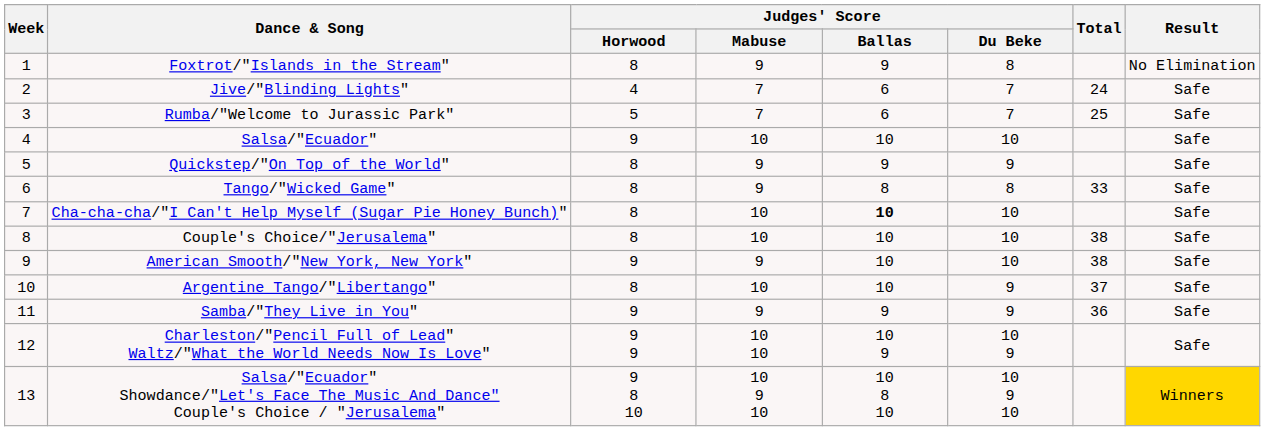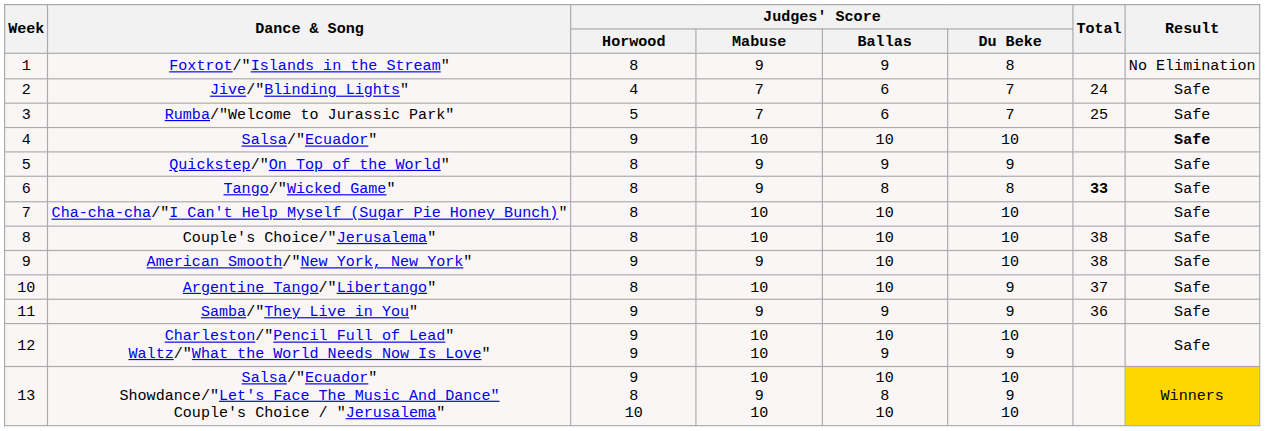 <table class="wikitable collapsible">
 <tr style="text-align:center; background:#ccc;">
 <th rowspan=2>Week</th>
 <th rowspan=2>Dance & Song</th>
 <th colspan=4>Judges' Score</th>
 <th rowspan=2>Total</th>
 <th rowspan=2>Result</th>
 </tr>
 <tr>
 <th style="width:10%;">Horwood</th>
 <th style="width:10%;">Mabuse</th>
 <th style="width:10%;">Ballas</th>
 <th style="width:10%;">Du Beke</th>
 </tr>
 <tr style="text-align:center; background:#faf6f6;">
 <td>1</td>
 <td><a href='#'>Foxtrot</a>/"<a href='#'>Islands in the Stream</a>"</td>
 <td>8</td>
 <td>9</td>
 <td>9</td>
 <td>8</td>
 <td></td>
 <td>No Elimination</td>
 </tr>
 <tr style="text-align:center; background:#faf6f6;">
 <td>2</td>
 <td><a href='#'>Jive</a>/"<a href='#'>Blinding Lights</a>"</td>
 <td>4</td>
 <td>7</td>
 <td>6</td>
 <td>7</td>
 <td>24</td>
 <td>Safe</td>
 </tr>
 <tr style="text-align:center; background:#faf6f6;">
 <td>3</td>
 <td><a href='#'>Rumba</a>/"Welcome to Jurassic Park"</td>
 <td>5</td>
 <td>7</td>
 <td>6</td>
 <td>7</td>
 <td>25</td>
 <td>Safe</td>
 </tr>
 <tr style="text-align:center; background:#faf6f6;">
 <td>4</td>
 <td><a href='#'>Salsa</a>/"<a href='#'>Ecuador</a>"</td>
 <td>9</td>
 <td>10</td>
 <td>10</td>
 <td>10</td>
 <td></td>
-<td>Safe</td>
+<td><strong>Safe</strong></td>
 </tr>
 <tr style="text-align:center; background:#faf6f6;">
 <td>5</td>
 <td><a href='#'>Quickstep</a>/"<a href='#'>On Top of the World</a>"</td>
 <td>8</td>
 <td>9</td>
 <td>9</td>
 <td>9</td>
 <td></td>
 <td>Safe</td>
 </tr>
 <tr style="text-align:center; background:#faf6f6;">
 <td>6</td>
 <td><a href='#'>Tango</a>/"<a href='#'>Wicked Game</a>"</td>
 <td>8</td>
 <td>9</td>
 <td>8</td>
 <td>8</td>
-<td>33</td>
+<td><strong>33</strong></td>
 <td>Safe</td>
 </tr>
 <tr style="text-align:center; background:#faf6f6;">
 <td>7</td>
 <td><a href='#'>Cha-cha-cha</a>/"<a href='#'>I Can't Help Myself (Sugar Pie Honey Bunch)</a>"</td>
 <td>8</td>
 <td>10</td>
-<td><strong>10</strong></td>
+<td>10</td>
 <td>10</td>
 <td></td>
 <td>Safe</td>
 </tr>
 <tr style="text-align:center; background:#faf6f6;">
 <td>8</td>
 <td>Couple's Choice/"<a href='#'>Jerusalema</a>"</td>
 <td>8</td>
 <td>10</td>
 <td>10</td>
 <td>10</td>
 <td>38</td>
 <td>Safe</td>
 </tr>
 <tr style="text-align:center; background:#faf6f6;">
 <td>9</td>
 <td><a href='#'>American Smooth</a>/"<a href='#'>New York, New York</a>"</td>
 <td>9</td>
 <td>9</td>
 <td>10</td>
 <td>10</td>
 <td>38</td>
 <td>Safe</td>
 </tr>
 <tr style="text-align:center; background:#faf6f6;">
 <td>10</td>
 <td><a href='#'>Argentine Tango</a>/"<a href='#'>Libertango</a>"</td>
 <td>8</td>
 <td>10</td>
 <td>10</td>
 <td>9</td>
 <td>37</td>
 <td>Safe</td>
 </tr>
 <tr style="text-align:center; background:#faf6f6;">
 <td>11</td>
 <td><a href='#'>Samba</a>/"<a href='#'>They Live in You</a>"</td>
 <td>9</td>
 <td>9</td>
 <td>9</td>
 <td>9</td>
 <td>36</td>
 <td>Safe</td>
 </tr>
 <tr style="text-align:center; background:#faf6f6;">
 <td>12</td>
 <td><a href='#'>Charleston</a>/"<a href='#'>Pencil Full of Lead</a>"<br><a href='#'>Waltz</a>/"<a href='#'>What the World Needs Now Is Love</a>"</td>
 <td>9<br>9</td>
 <td>10<br>10</td>
 <td>10<br>9</td>
 <td>10<br>9</td>
 <td><strong></strong><br><em></em></td>
 <td>Safe</td>
 </tr>
 <tr style="text-align:center; background:#faf6f6;">
 <td>13</td>
 <td><a href='#'>Salsa</a>/"<a href='#'>Ecuador</a>"<br>Showdance/"<a href='#'>Let's Face The Music And Dance"</a><br>Couple's Choice / "<a href='#'>Jerusalema</a>"</td>
 <td>9<br>8<br>10</td>
 <td>10<br>9<br>10</td>
 <td>10<br>8<br>10</td>
 <td>10<br>9<br>10</td>
 <td><em><br><br><strong><em><strong></td>
 <td style="text-align:center; background:gold;">Winners</td>
 </tr>
 </table>
